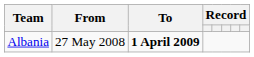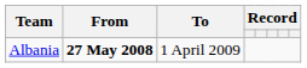 <table class=wikitable style=text-align:center>
 <tr>
 <th rowspan=2>Team</th>
 <th rowspan=2>From</th>
 <th rowspan=2>To</th>
 <th colspan=5>Record</th>
 </tr>
 <tr>
 <th></th>
 <th></th>
 <th></th>
 <th></th>
 <th></th>
 </tr>
 <tr>
 <td><a href='#'>Albania</a></td>
-<td>27 May 2008</td>
-<td><strong>1 April 2009<br></strong></td>
+<td><strong>27 May 2008</strong></td>
+<td>1 April 2009<br></td>
 </tr>
 </table>
